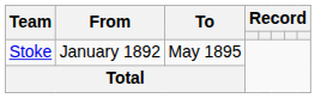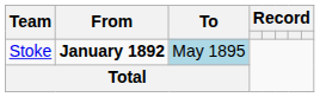 <table class="wikitable" style="text-align:center">
 <tr>
 <th rowspan="2">Team</th>
 <th rowspan="2">From</th>
 <th rowspan="2">To</th>
 <th colspan="5">Record</th>
 </tr>
 <tr>
 <th></th>
 <th></th>
 <th></th>
 <th></th>
 <th></th>
 </tr>
 <tr>
 <td align=left><a href='#'>Stoke</a></td>
-<td align=left>January 1892</td>
-<td align=left>May 1895<br></td>
+<td align=left><strong>January 1892</strong></td>
+<td align=left style="background: lightblue;">May 1895<br></td>
 </tr>
 <tr>
 <th colspan="3">Total<br></th>
 </tr>
 </table>
